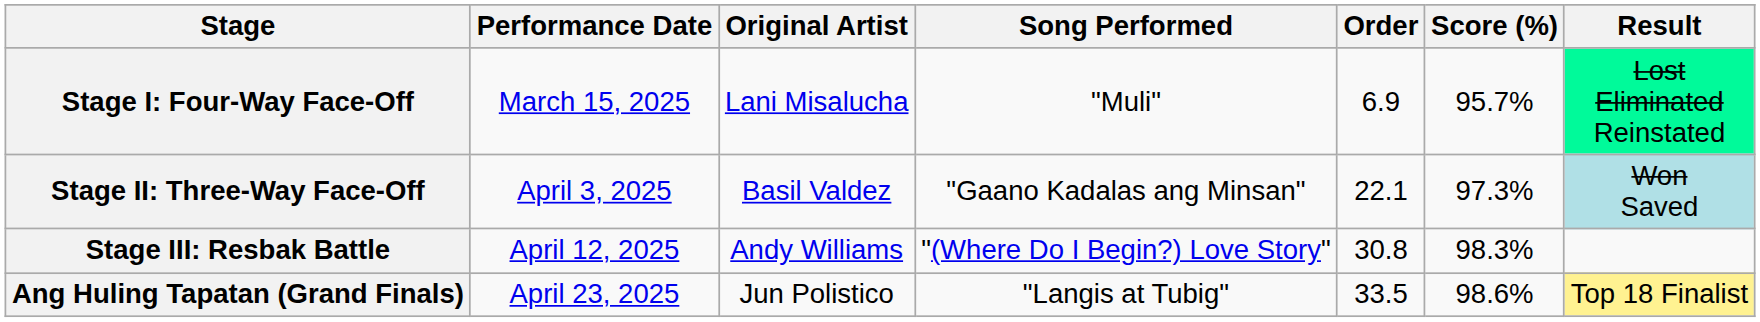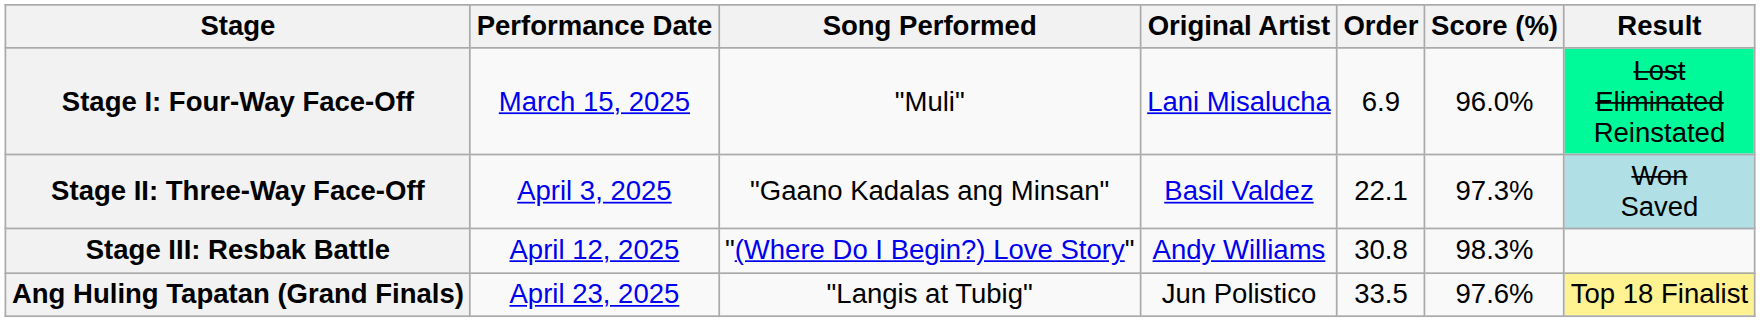 <table class="wikitable sortable" style="margin:1em auto; text-align:center;">
 <tr>
 <th>Stage</th>
 <th>Performance Date</th>
+<th>Song Performed</th>
 <th>Original Artist</th>
-<th>Song Performed</th>
 <th>Order</th>
 <th>Score (%)</th>
 <th>Result</th>
 </tr>
 <tr>
 <th>Stage I: Four-Way Face-Off</th>
 <td><a href='#'>March 15, 2025</a></td>
+<td>"Muli"</td>
 <td><a href='#'>Lani Misalucha</a></td>
-<td>"Muli"</td>
 <td>6.9</td>
-<td>95.7%</td>
+<td>96.0%</td>
 <td style="background:#00FA9A;"><s>Lost<br>Eliminated</s><br>Reinstated</td>
 </tr>
 <tr>
 <th>Stage II: Three-Way Face-Off</th>
 <td><a href='#'>April 3, 2025</a></td>
+<td>"Gaano Kadalas ang Minsan"</td>
 <td><a href='#'>Basil Valdez</a></td>
-<td>"Gaano Kadalas ang Minsan"</td>
 <td>22.1</td>
 <td>97.3%</td>
 <td style="background:#B0E0E6;"><s>Won</s><br>Saved</td>
 </tr>
 <tr>
 <th>Stage III: Resbak Battle</th>
 <td><a href='#'>April 12, 2025</a></td>
+<td>"<a href='#'>(Where Do I Begin?) Love Story</a>"</td>
 <td><a href='#'>Andy Williams</a></td>
-<td>"<a href='#'>(Where Do I Begin?) Love Story</a>"</td>
 <td>30.8</td>
 <td>98.3%</td>
 <td></td>
 </tr>
 <tr>
 <th>Ang Huling Tapatan (Grand Finals)</th>
 <td><a href='#'>April 23, 2025</a></td>
+<td>"Langis at Tubig"</td>
 <td>Jun Polistico</td>
-<td>"Langis at Tubig"</td>
 <td>33.5</td>
-<td>98.6%</td>
+<td>97.6%</td>
 <td style="background-color:#fff291">Top 18 Finalist</td>
 </tr>
 </table>
